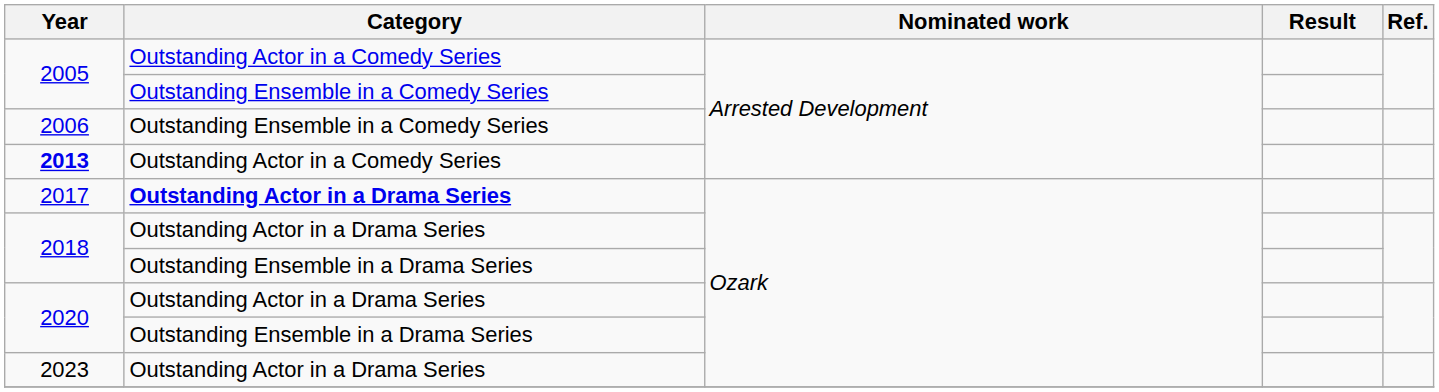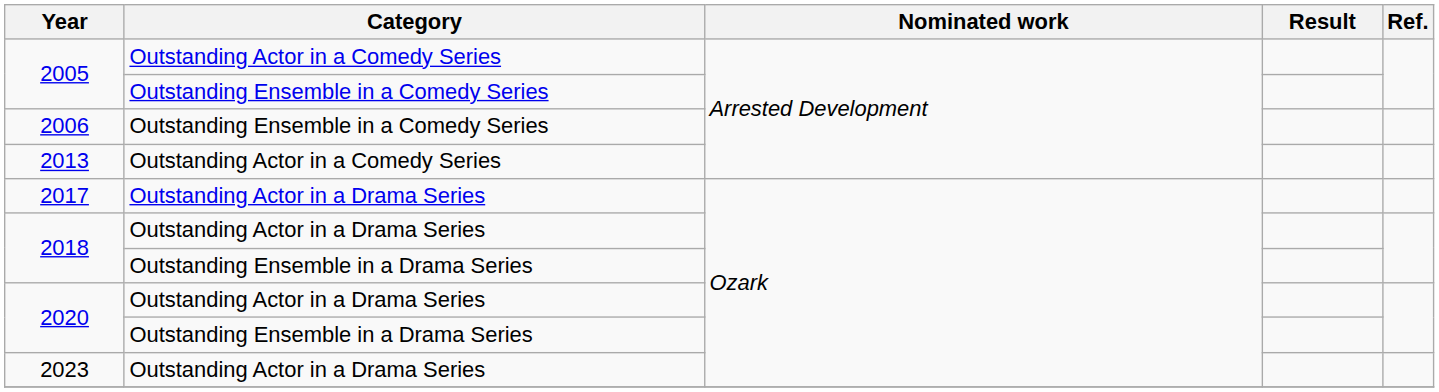 <table class=wikitable>
 <tr>
 <th scope="col" style="width:5em;">Year</th>
 <th scope="col" style="width:26em;">Category</th>
 <th scope="col" style="width:25em;">Nominated work</th>
 <th scope="col" style="width:5em;">Result</th>
 <th>Ref.</th>
 </tr>
 <tr>
 <td style="text-align:center;", rowspan=2><a href='#'>2005</a></td>
 <td><a href='#'>Outstanding Actor in a Comedy Series</a></td>
 <td rowspan=4><em>Arrested Development</em></td>
 <td></td>
 <td style="text-align:center;", rowspan=2></td>
 </tr>
 <tr>
 <td><a href='#'>Outstanding Ensemble in a Comedy Series</a></td>
 <td></td>
 </tr>
 <tr>
 <td style="text-align:center;"><a href='#'>2006</a></td>
 <td>Outstanding Ensemble in a Comedy Series</td>
 <td></td>
 <td style="text-align:center;", rowspan=1></td>
 </tr>
 <tr>
-<td style="text-align:center;"><strong><a href='#'>2013</a></strong></td>
+<td style="text-align:center;"><a href='#'>2013</a></td>
 <td>Outstanding Actor in a Comedy Series</td>
 <td></td>
 <td style="text-align:center;", rowspan=1></td>
 </tr>
 <tr>
 <td style="text-align:center;"><a href='#'>2017</a></td>
-<td><strong><a href='#'>Outstanding Actor in a Drama Series</a></strong></td>
+<td><a href='#'>Outstanding Actor in a Drama Series</a></td>
 <td rowspan=6><em>Ozark</em></td>
 <td></td>
 <td style="text-align:center;", rowspan=1></td>
 </tr>
 <tr>
 <td style="text-align:center;", rowspan=2><a href='#'>2018</a></td>
 <td>Outstanding Actor in a Drama Series</td>
 <td></td>
 <td style="text-align:center;", rowspan=2></td>
 </tr>
 <tr>
 <td>Outstanding Ensemble in a Drama Series</td>
 <td></td>
 </tr>
 <tr>
 <td style="text-align:center;", rowspan="2"><a href='#'>2020</a></td>
 <td>Outstanding Actor in a Drama Series</td>
 <td></td>
 <td style="text-align:center;", rowspan=2></td>
 </tr>
 <tr>
 <td>Outstanding Ensemble in a Drama Series</td>
 <td></td>
 </tr>
 <tr>
 <td style="text-align:center;">2023</td>
 <td>Outstanding Actor in a Drama Series</td>
 <td></td>
 <td style="text-align:center;", rowspan=1></td>
 </tr>
 <tr>
 </tr>
 </table>
